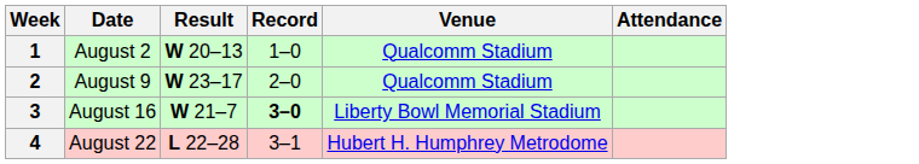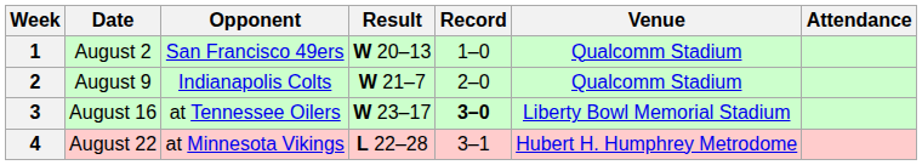 <table class="wikitable" style="text-align:center">
 <tr>
 <th>Week</th>
 <th>Date</th>
+<th>Opponent</th>
 <th>Result</th>
 <th>Record</th>
 <th>Venue</th>
 <th>Attendance</th>
 </tr>
 <tr style="background: #cfc;">
 <th>1</th>
 <td>August 2</td>
+<td><a href='#'>San Francisco 49ers</a></td>
 <td><strong>W</strong> 20–13</td>
 <td>1–0</td>
 <td><a href='#'>Qualcomm Stadium</a></td>
 <td></td>
 </tr>
 <tr style="background: #cfc;">
 <th>2</th>
 <td>August 9</td>
-<td><strong>W</strong> 23–17</td>
+<td><a href='#'>Indianapolis Colts</a></td>
+<td><strong>W</strong> 21–7</td>
 <td>2–0</td>
 <td><a href='#'>Qualcomm Stadium</a></td>
 <td></td>
 </tr>
 <tr style="background: #cfc;">
 <th>3</th>
 <td>August 16</td>
-<td><strong>W</strong> 21–7</td>
+<td>at <a href='#'>Tennessee Oilers</a></td>
+<td><strong>W</strong> 23–17</td>
 <td><strong>3–0</strong></td>
 <td><a href='#'>Liberty Bowl Memorial Stadium</a></td>
 <td></td>
 </tr>
 <tr style="background: #fcc;">
 <th>4</th>
 <td>August 22</td>
+<td>at <a href='#'>Minnesota Vikings</a></td>
 <td><strong>L</strong> 22–28</td>
 <td>3–1</td>
 <td><a href='#'>Hubert H. Humphrey Metrodome</a></td>
 <td></td>
 </tr>
 </table>
